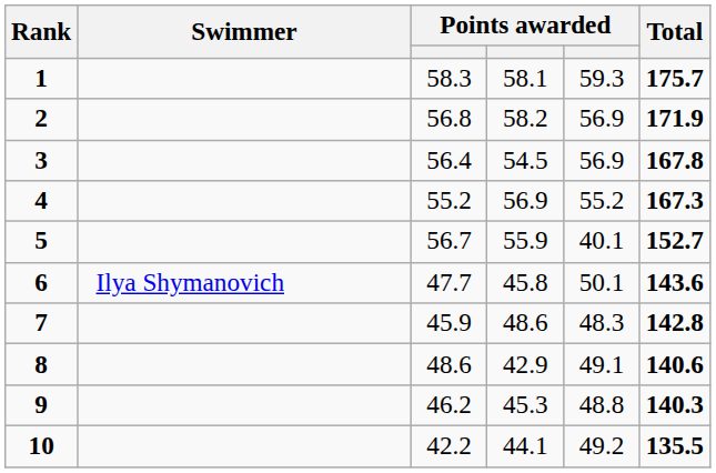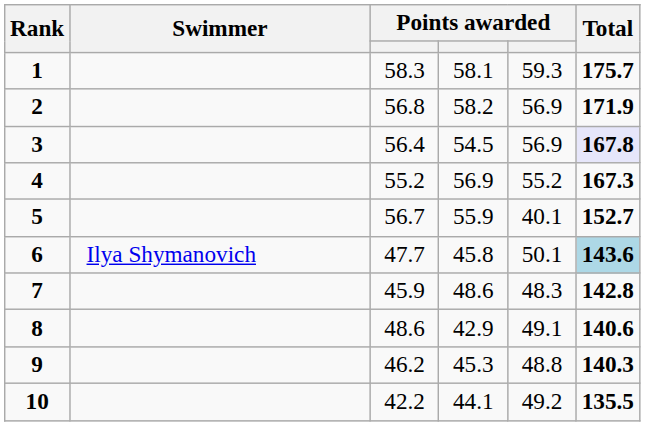 <table class="wikitable" style="text-align:center;">
 <tr>
 <th rowspan=2>Rank</th>
 <th rowspan=2 width=200>Swimmer</th>
 <th colspan=3>Points awarded</th>
 <th rowspan=2>Total</th>
 </tr>
 <tr>
 <th width=40></th>
 <th width=40></th>
 <th width=40></th>
 </tr>
 <tr>
 <td><strong>1</strong></td>
 <td align=left></td>
 <td>58.3</td>
 <td>58.1</td>
 <td>59.3</td>
 <td><strong>175.7</strong></td>
 </tr>
 <tr>
 <td><strong>2</strong></td>
 <td align=left></td>
 <td>56.8</td>
 <td>58.2</td>
 <td>56.9</td>
 <td><strong>171.9</strong></td>
 </tr>
 <tr>
 <td><strong>3</strong></td>
 <td align=left></td>
 <td>56.4</td>
 <td>54.5</td>
 <td>56.9</td>
-<td><strong>167.8</strong></td>
+<td style="background: lavender;"><strong>167.8</strong></td>
 </tr>
 <tr>
 <td><strong>4</strong></td>
 <td align=left></td>
 <td>55.2</td>
 <td>56.9</td>
 <td>55.2</td>
 <td><strong>167.3</strong></td>
 </tr>
 <tr>
 <td><strong>5</strong></td>
 <td align=left></td>
 <td>56.7</td>
 <td>55.9</td>
 <td>40.1</td>
 <td><strong>152.7</strong></td>
 </tr>
 <tr>
 <td><strong>6</strong></td>
 <td align=left>  <a href='#'>Ilya Shymanovich</a> </td>
 <td>47.7</td>
 <td>45.8</td>
 <td>50.1</td>
-<td><strong>143.6</strong></td>
+<td style="background: lightblue;"><strong>143.6</strong></td>
 </tr>
 <tr>
 <td><strong>7</strong></td>
 <td align=left></td>
 <td>45.9</td>
 <td>48.6</td>
 <td>48.3</td>
 <td><strong>142.8</strong></td>
 </tr>
 <tr>
 <td><strong>8</strong></td>
 <td align=left></td>
 <td>48.6</td>
 <td>42.9</td>
 <td>49.1</td>
 <td><strong>140.6</strong></td>
 </tr>
 <tr>
 <td><strong>9</strong></td>
 <td align=left></td>
 <td>46.2</td>
 <td>45.3</td>
 <td>48.8</td>
 <td><strong>140.3</strong></td>
 </tr>
 <tr>
 <td><strong>10</strong></td>
 <td align=left></td>
 <td>42.2</td>
 <td>44.1</td>
 <td>49.2</td>
 <td><strong>135.5</strong></td>
 </tr>
 </table>
